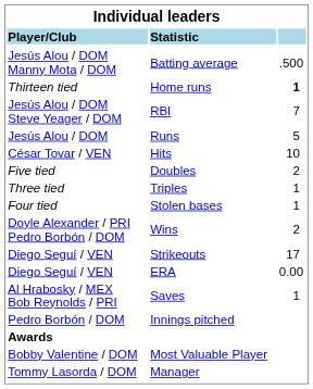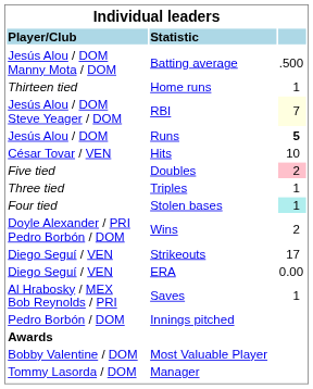 <table cellpadding="1" width="350px" style="font-size: 90%; border: 1px solid gray;">
 <tr align="center" style="font-size: larger;">
 <td colspan=6><strong>Individual leaders</strong></td>
 </tr>
 <tr style="background:lightblue;">
 <td><strong>Player/Club</strong></td>
 <td><strong>Statistic</strong></td>
 <td></td>
 </tr>
 <tr align="center" style="vertical-align: middle;" style="background:lightblue;">
 </tr>
 <tr>
 <td><a href='#'>Jesús Alou</a> / <a href='#'>DOM</a> <br> <a href='#'>Manny Mota</a> / <a href='#'>DOM</a></td>
 <td><a href='#'>Batting average</a></td>
 <td>.500</td>
 </tr>
 <tr>
 <td><em>Thirteen tied</em></td>
 <td><a href='#'>Home runs</a></td>
-<td><strong>     1</strong></td>
+<td>     1</td>
 </tr>
 <tr>
 <td><a href='#'>Jesús Alou</a> / <a href='#'>DOM</a> <br> <a href='#'>Steve Yeager</a> / <a href='#'>DOM</a></td>
 <td><a href='#'>RBI</a></td>
-<td>     7</td>
+<td style="background: lightyellow;">     7</td>
 </tr>
 <tr>
 <td><a href='#'>Jesús Alou</a> / <a href='#'>DOM</a></td>
 <td><a href='#'>Runs</a></td>
-<td>     5</td>
+<td><strong>     5</strong></td>
 </tr>
 <tr>
 <td><a href='#'>César Tovar</a> / <a href='#'>VEN</a></td>
 <td><a href='#'>Hits</a></td>
 <td>  10</td>
 </tr>
 <tr>
 <td><em>Five tied</em></td>
 <td><a href='#'>Doubles</a></td>
-<td>     2</td>
+<td style="background: pink;">     2</td>
 </tr>
 <tr>
 <td><em>Three tied</em></td>
 <td><a href='#'>Triples</a></td>
 <td>    1</td>
 </tr>
 <tr>
 <td><em>Four tied</em></td>
 <td><a href='#'>Stolen bases</a></td>
-<td>     1</td>
+<td style="background: paleturquoise;">     1</td>
 </tr>
 <tr>
 <td><a href='#'>Doyle Alexander</a> / <a href='#'>PRI</a> <br> <a href='#'>Pedro Borbón</a> / <a href='#'>DOM</a></td>
 <td><a href='#'>Wins</a></td>
 <td>    2</td>
 </tr>
 <tr>
 <td><a href='#'>Diego Seguí</a> / <a href='#'>VEN</a></td>
 <td><a href='#'>Strikeouts</a></td>
 <td>  17</td>
 </tr>
 <tr>
 <td><a href='#'>Diego Seguí</a> / <a href='#'>VEN</a></td>
 <td><a href='#'>ERA</a></td>
 <td>0.00</td>
 </tr>
 <tr>
 <td><a href='#'>Al Hrabosky</a> / <a href='#'>MEX</a> <br> <a href='#'>Bob Reynolds</a> / <a href='#'>PRI</a></td>
 <td><a href='#'>Saves</a></td>
 <td>     1</td>
 </tr>
 <tr>
 <td><a href='#'>Pedro Borbón</a> / <a href='#'>DOM</a></td>
 <td><a href='#'>Innings pitched</a></td>
 <td></td>
 </tr>
 <tr>
 <td><strong>Awards</strong></td>
 </tr>
 <tr>
 <td><a href='#'>Bobby Valentine</a> / <a href='#'>DOM</a></td>
 <td><a href='#'>Most Valuable Player</a></td>
 </tr>
 <tr>
 <td><a href='#'>Tommy Lasorda</a> / <a href='#'>DOM</a></td>
 <td><a href='#'>Manager</a></td>
 </tr>
 <tr>
 </tr>
 </table>
